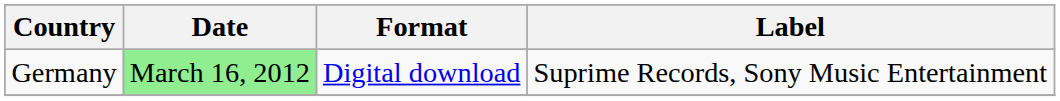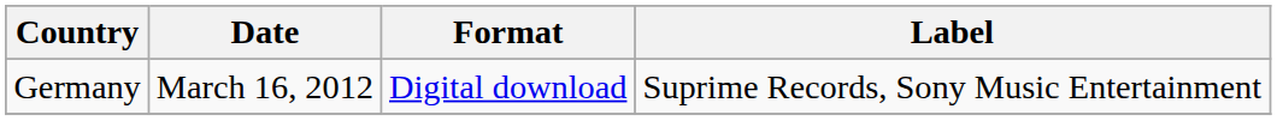 <table class=wikitable>
 <tr>
 <th scope="col">Country</th>
 <th scope="col">Date</th>
 <th scope="col">Format</th>
 <th scope="col">Label</th>
 </tr>
 <tr>
 <td>Germany</td>
-<td style="background: lightgreen;">March 16, 2012</td>
+<td>March 16, 2012</td>
 <td><a href='#'>Digital download</a></td>
 <td>Suprime Records, Sony Music Entertainment</td>
 </tr>
 <tr>
 </tr>
 </table>
